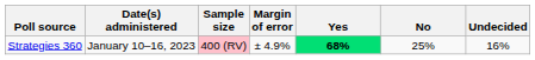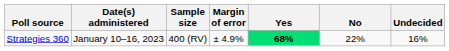 <table class="wikitable" style="font-size:90%;text-align:center;">
 <tr valign=bottom>
 <th>Poll source</th>
 <th>Date(s)<br>administered</th>
 <th>Sample<br>size</th>
 <th>Margin<br>of error</th>
 <th style="width:100px;">Yes</th>
 <th style="width:100px;">No</th>
 <th>Undecided</th>
 </tr>
 <tr>
 <td style="text-align:left;"><a href='#'>Strategies 360</a></td>
 <td>January 10–16, 2023</td>
-<td style="background: pink;">400 (RV)</td>
+<td>400 (RV)</td>
 <td>± 4.9%</td>
 <td style="background: rgb(1, 223, 116);"><strong>68%</strong></td>
-<td>25%</td>
+<td>22%</td>
 <td>16%</td>
 </tr>
 </table>
